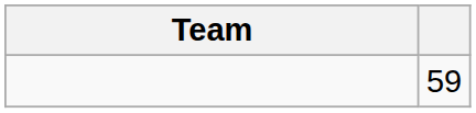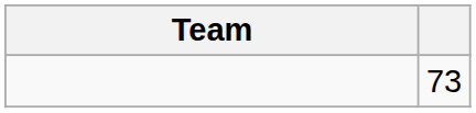 <table class="wikitable">
 <tr>
 <th style="width: 200px;">Team</th>
 <th></th>
 </tr>
 <tr>
 <td><strong></strong></td>
-<td style="text-align: center;">59</td>
+<td style="text-align: center;">73</td>
 </tr>
 </table>
